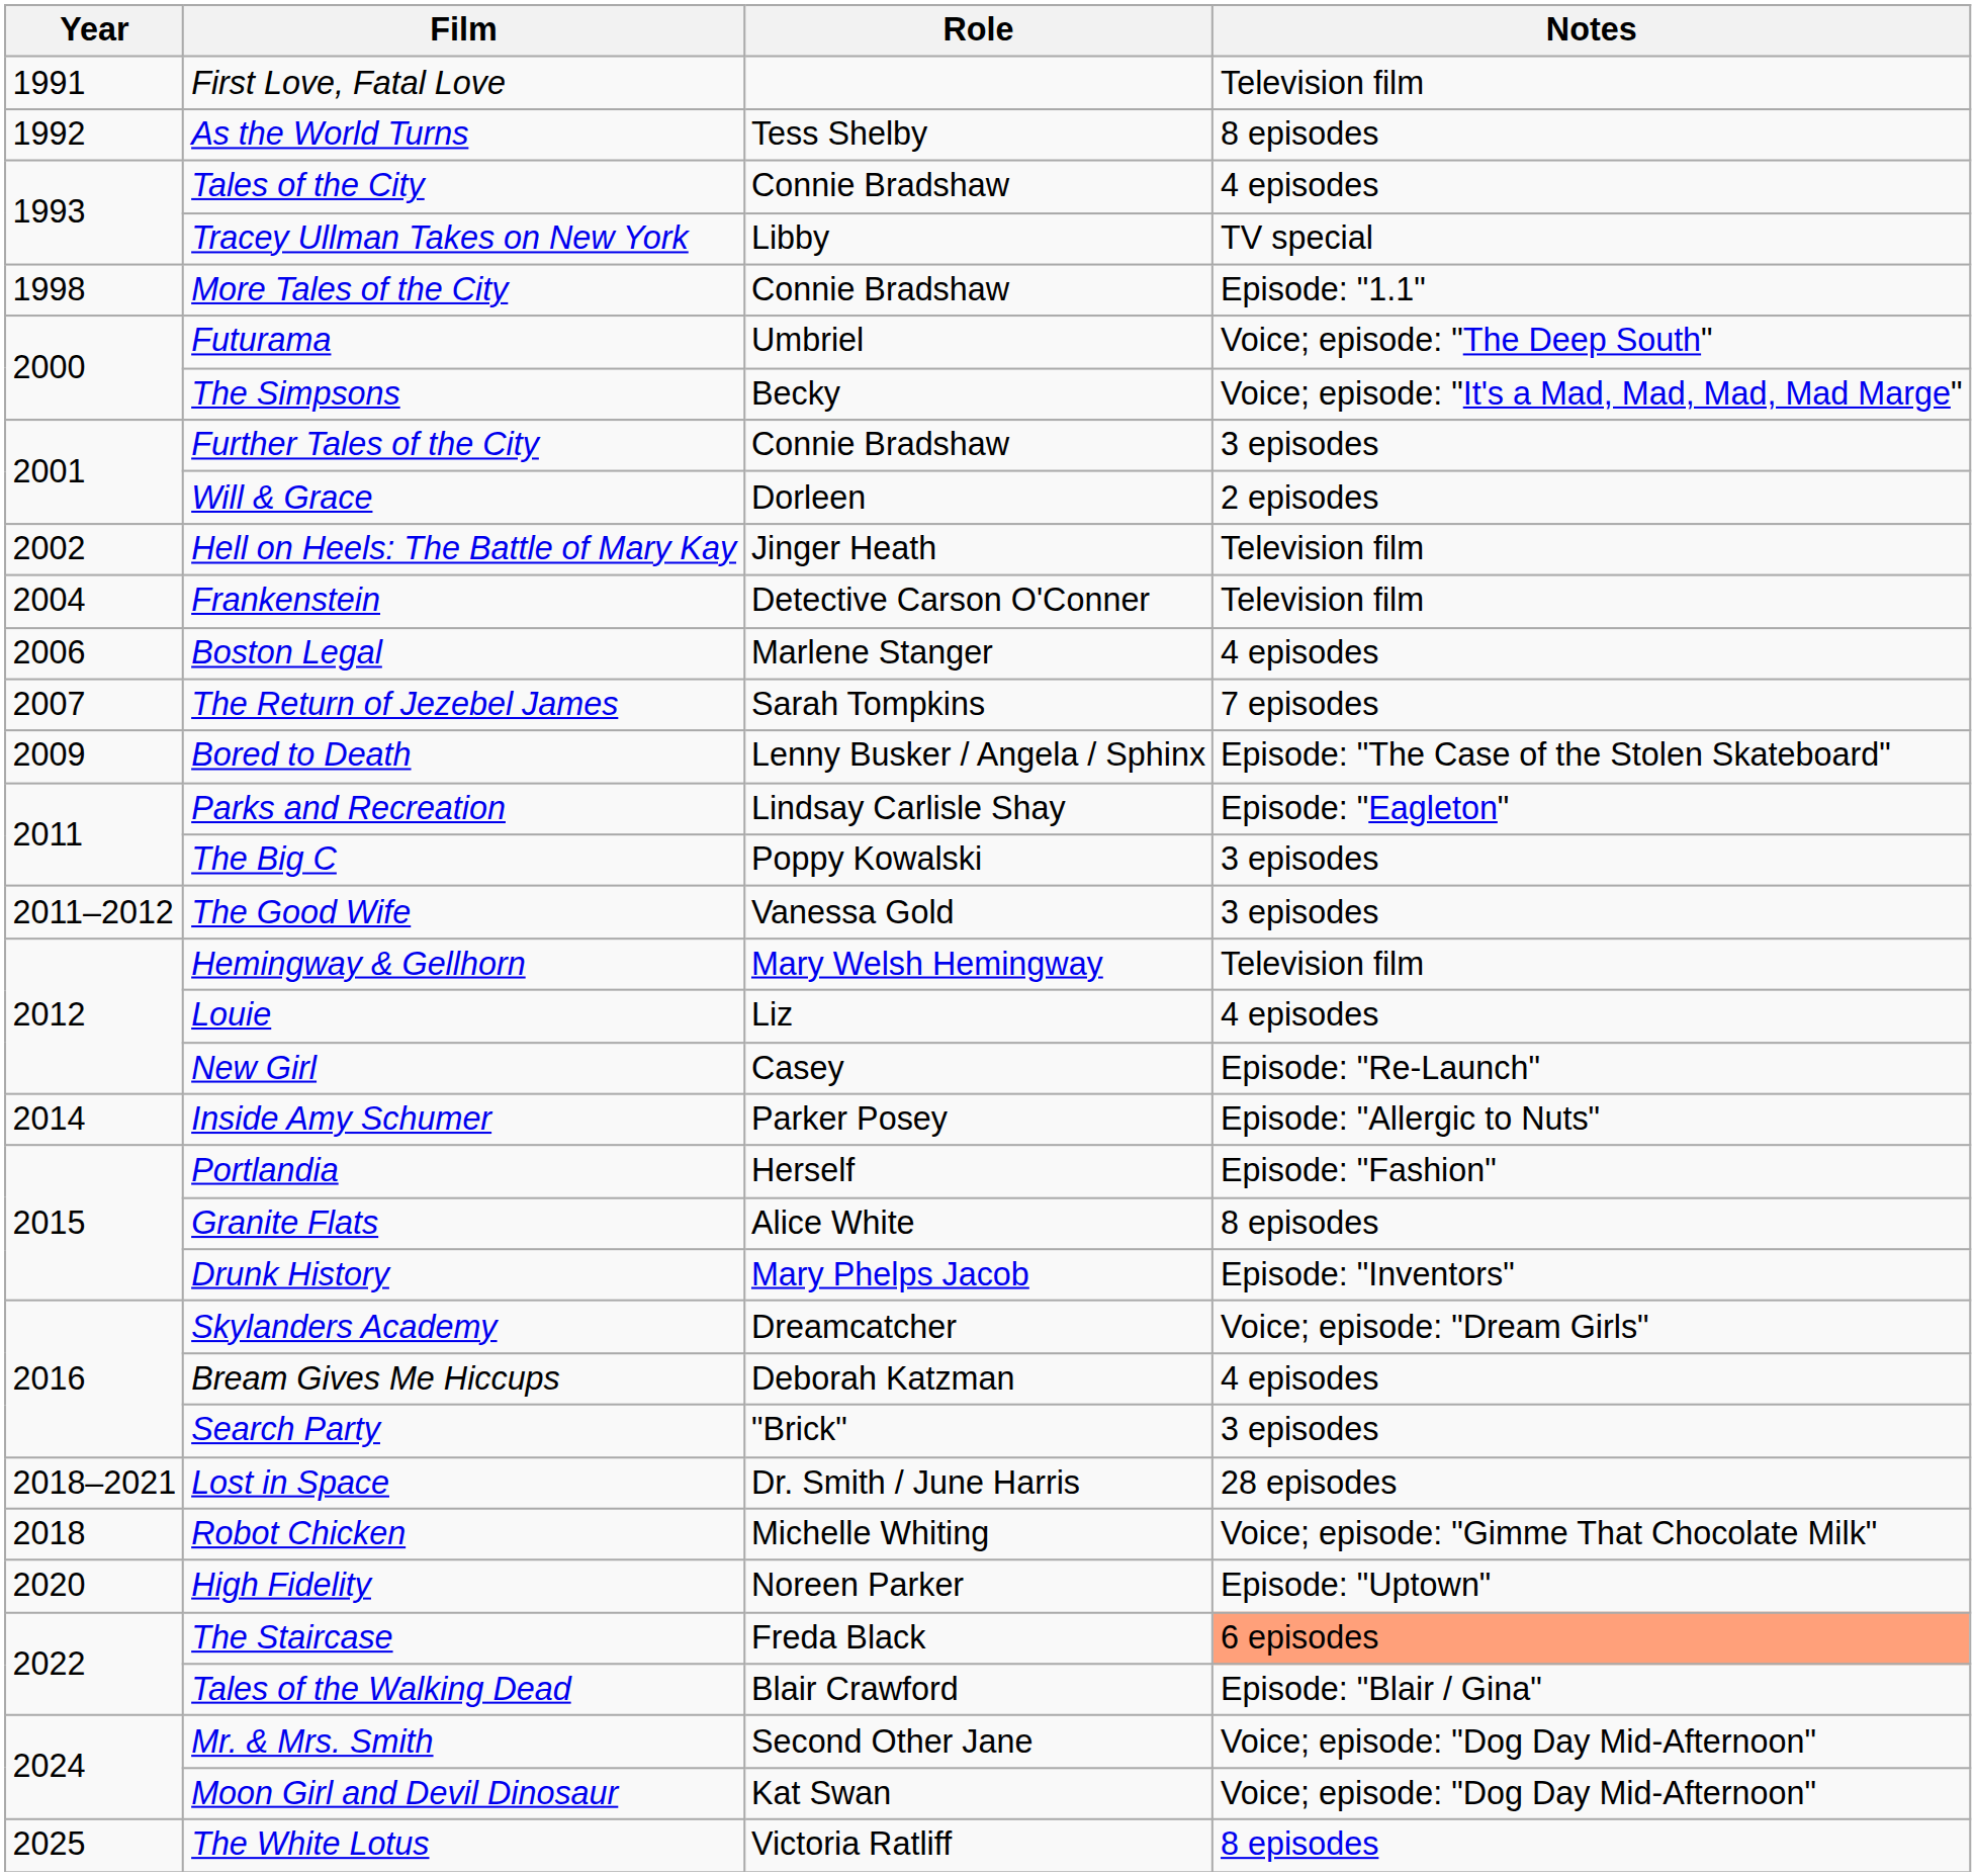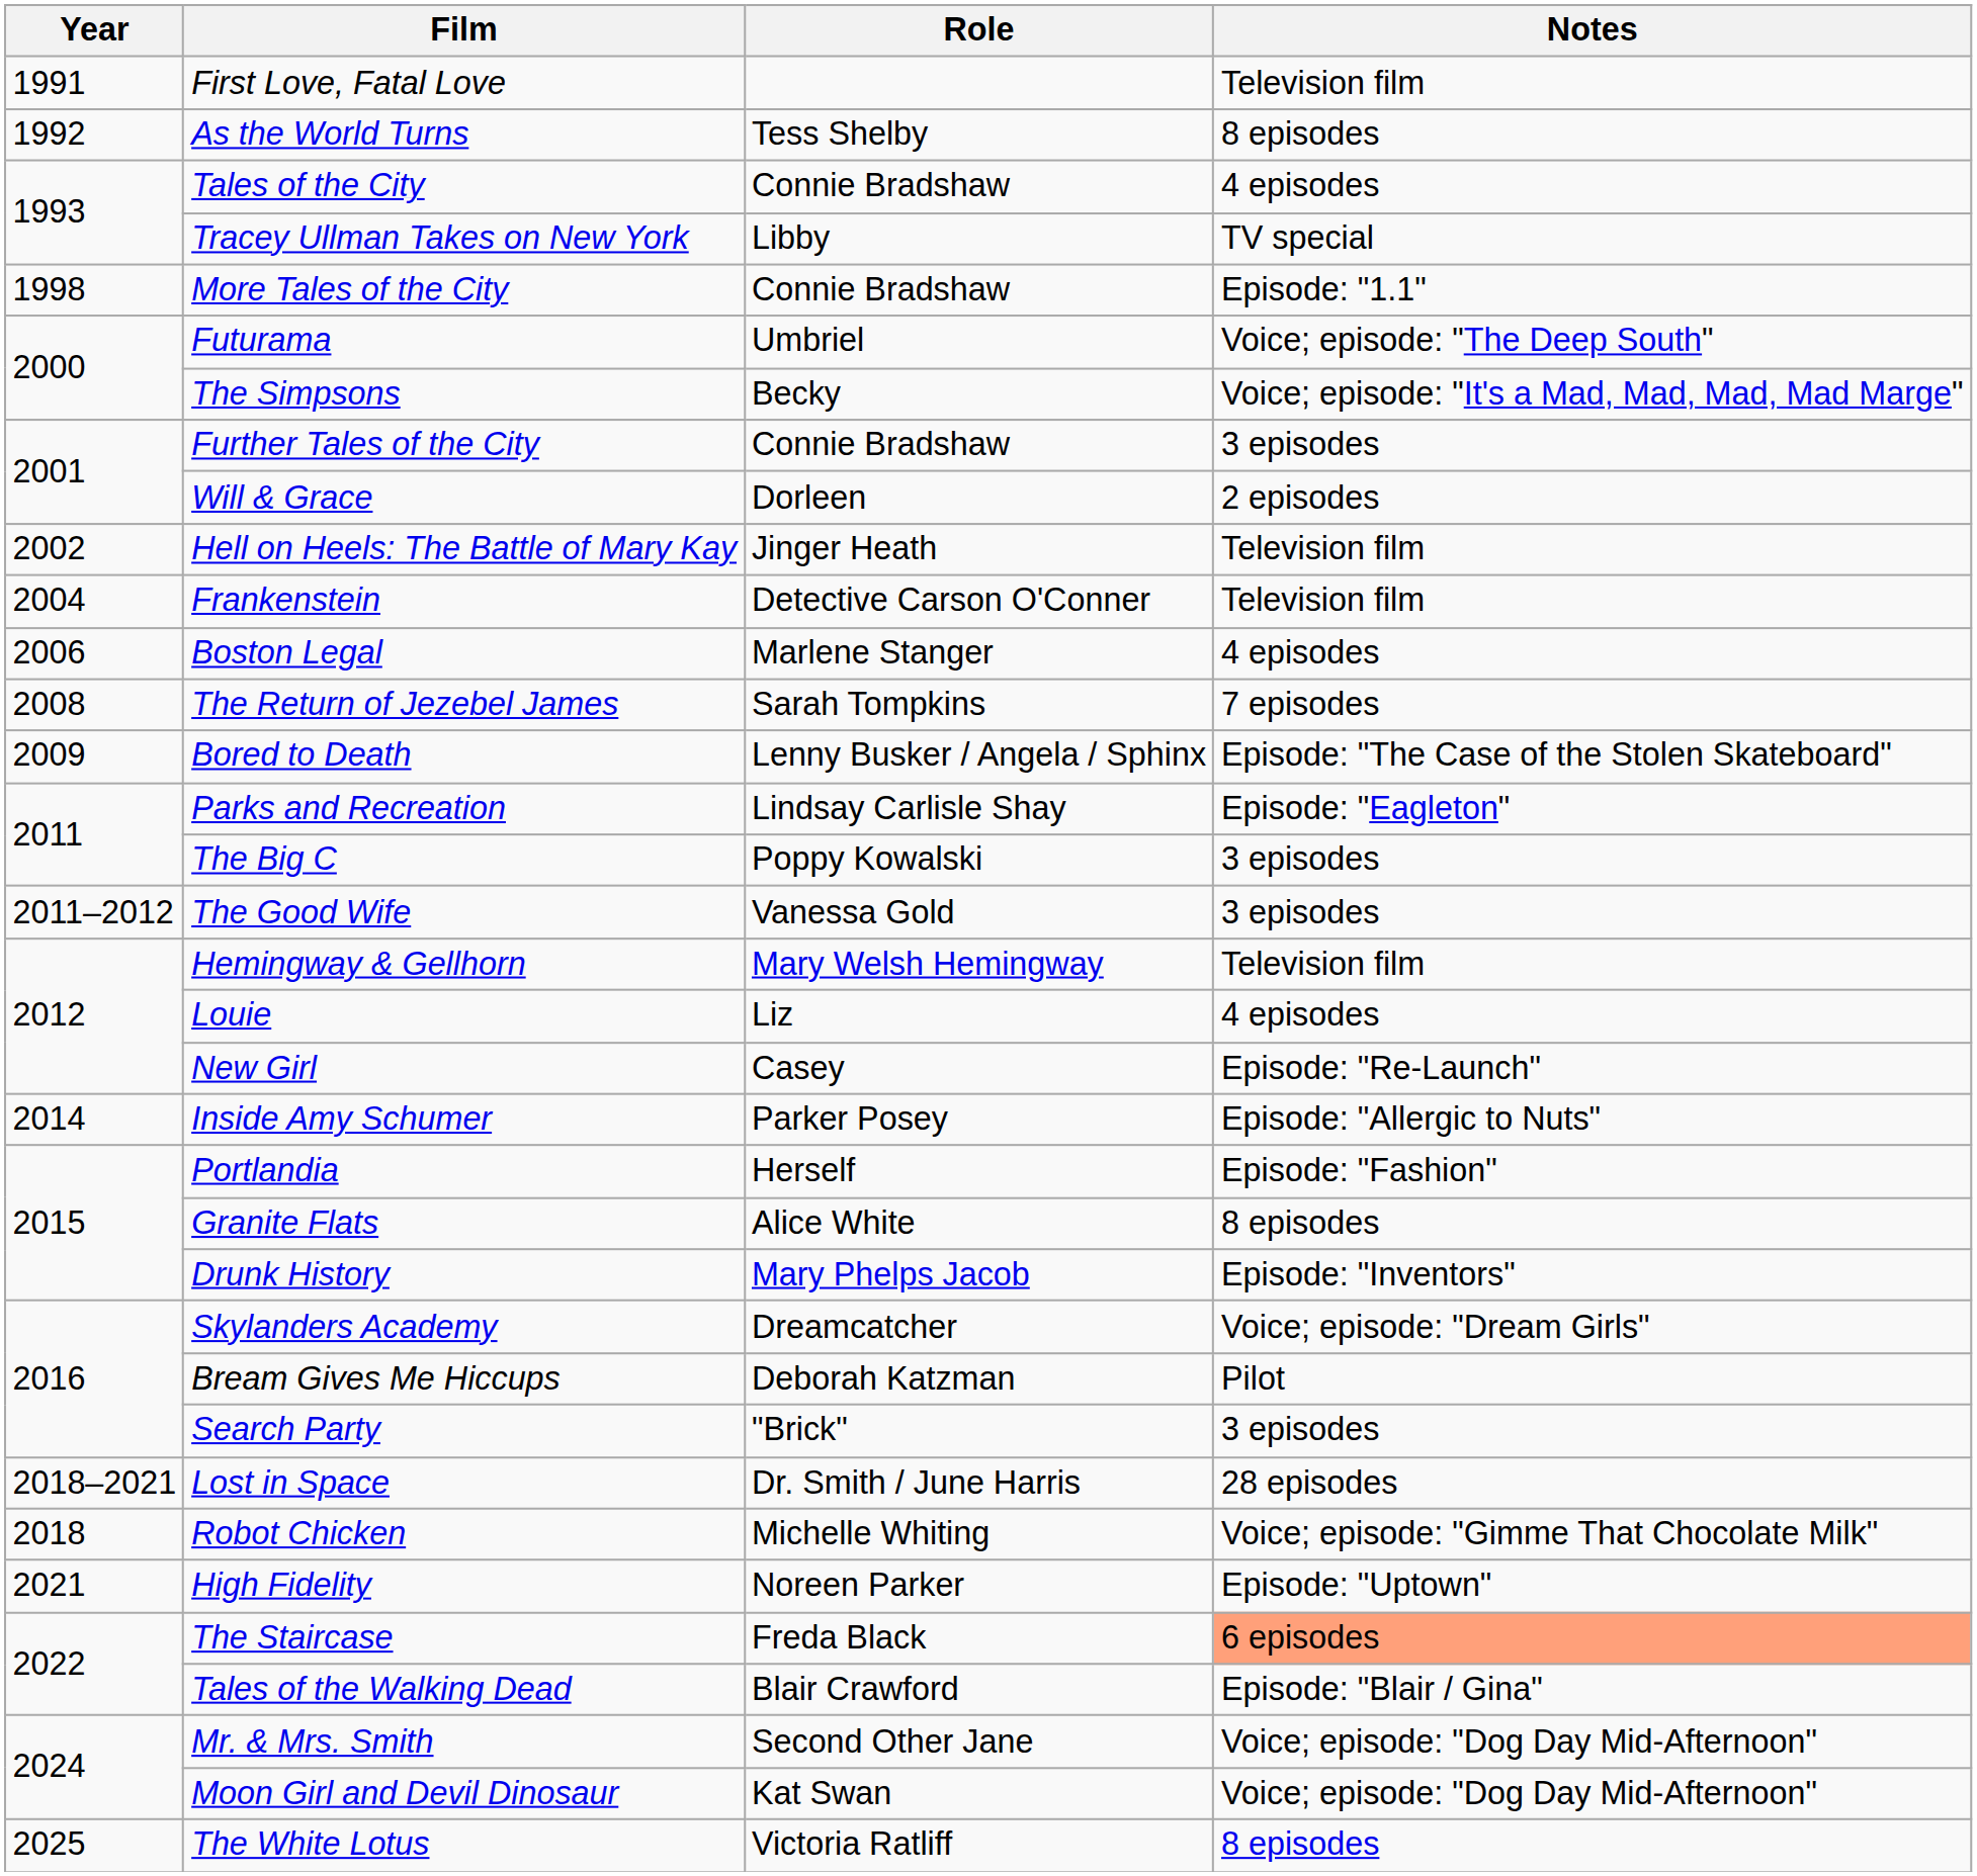 <table class="wikitable sortable">
 <tr>
 <th scope="col">Year</th>
 <th scope="col">Film</th>
 <th scope="col">Role</th>
 <th scope="col" class="unsortable">Notes</th>
 </tr>
 <tr>
 <td>1991</td>
 <td><em>First Love, Fatal Love</em></td>
 <td></td>
 <td>Television film</td>
 </tr>
 <tr>
 <td>1992</td>
 <td><em><a href='#'>As the World Turns</a></em></td>
 <td>Tess Shelby</td>
 <td>8 episodes</td>
 </tr>
 <tr>
 <td rowspan="2">1993</td>
 <td><em><a href='#'>Tales of the City</a></em></td>
 <td>Connie Bradshaw</td>
 <td>4 episodes</td>
 </tr>
 <tr>
 <td><em><a href='#'>Tracey Ullman Takes on New York</a></em></td>
 <td>Libby</td>
 <td>TV special</td>
 </tr>
 <tr>
 <td>1998</td>
 <td><em><a href='#'>More Tales of the City</a></em></td>
 <td>Connie Bradshaw</td>
 <td>Episode: "1.1"</td>
 </tr>
 <tr>
 <td rowspan="2">2000</td>
 <td><em><a href='#'>Futurama</a></em></td>
 <td>Umbriel</td>
 <td>Voice; episode: "<a href='#'>The Deep South</a>"</td>
 </tr>
 <tr>
 <td><em><a href='#'>The Simpsons</a></em></td>
 <td>Becky</td>
 <td>Voice; episode: "<a href='#'>It's a Mad, Mad, Mad, Mad Marge</a>"</td>
 </tr>
 <tr>
 <td rowspan="2">2001</td>
 <td><em><a href='#'>Further Tales of the City</a></em></td>
 <td>Connie Bradshaw</td>
 <td>3 episodes</td>
 </tr>
 <tr>
 <td><em><a href='#'>Will & Grace</a></em></td>
 <td>Dorleen</td>
 <td>2 episodes</td>
 </tr>
 <tr>
 <td>2002</td>
 <td><em><a href='#'>Hell on Heels: The Battle of Mary Kay</a></em></td>
 <td>Jinger Heath</td>
 <td>Television film</td>
 </tr>
 <tr>
 <td>2004</td>
 <td><em><a href='#'>Frankenstein</a></em></td>
 <td>Detective Carson O'Conner</td>
 <td>Television film</td>
 </tr>
 <tr>
 <td>2006</td>
 <td><em><a href='#'>Boston Legal</a></em></td>
 <td>Marlene Stanger</td>
 <td>4 episodes</td>
 </tr>
 <tr>
-<td>2007</td>
+<td>2008</td>
 <td><em><a href='#'>The Return of Jezebel James</a></em></td>
 <td>Sarah Tompkins</td>
 <td>7 episodes</td>
 </tr>
 <tr>
 <td>2009</td>
 <td><em><a href='#'>Bored to Death</a></em></td>
 <td>Lenny Busker / Angela / Sphinx</td>
 <td>Episode: "The Case of the Stolen Skateboard"</td>
 </tr>
 <tr>
 <td rowspan="2">2011</td>
 <td><em><a href='#'>Parks and Recreation</a></em></td>
 <td>Lindsay Carlisle Shay</td>
 <td>Episode: "<a href='#'>Eagleton</a>"</td>
 </tr>
 <tr>
 <td><em><a href='#'>The Big C</a></em></td>
 <td>Poppy Kowalski</td>
 <td>3 episodes</td>
 </tr>
 <tr>
 <td>2011–2012</td>
 <td><em><a href='#'>The Good Wife</a></em></td>
 <td>Vanessa Gold</td>
 <td>3 episodes</td>
 </tr>
 <tr>
 <td rowspan="3">2012</td>
 <td><em><a href='#'>Hemingway & Gellhorn</a></em></td>
 <td><a href='#'>Mary Welsh Hemingway</a></td>
 <td>Television film</td>
 </tr>
 <tr>
 <td><em><a href='#'>Louie</a></em></td>
 <td>Liz</td>
 <td>4 episodes</td>
 </tr>
 <tr>
 <td><em><a href='#'>New Girl</a></em></td>
 <td>Casey</td>
 <td>Episode: "Re-Launch"</td>
 </tr>
 <tr>
 <td>2014</td>
 <td><em><a href='#'>Inside Amy Schumer</a></em></td>
 <td>Parker Posey</td>
 <td>Episode: "Allergic to Nuts"</td>
 </tr>
 <tr>
 <td rowspan="3">2015</td>
 <td><em><a href='#'>Portlandia</a></em></td>
 <td>Herself</td>
 <td>Episode: "Fashion"</td>
 </tr>
 <tr>
 <td><em><a href='#'>Granite Flats</a></em></td>
 <td>Alice White</td>
 <td>8 episodes</td>
 </tr>
 <tr>
 <td><em><a href='#'>Drunk History</a></em></td>
 <td><a href='#'>Mary Phelps Jacob</a></td>
 <td>Episode: "Inventors"</td>
 </tr>
 <tr>
 <td rowspan="3">2016</td>
 <td><em><a href='#'>Skylanders Academy</a></em></td>
 <td>Dreamcatcher</td>
 <td>Voice; episode: "Dream Girls"</td>
 </tr>
 <tr>
 <td><em>Bream Gives Me Hiccups</em></td>
 <td>Deborah Katzman</td>
-<td>4 episodes</td>
+<td>Pilot</td>
 </tr>
 <tr>
 <td><em><a href='#'>Search Party</a></em></td>
 <td>"Brick"</td>
 <td>3 episodes</td>
 </tr>
 <tr>
 <td>2018–2021</td>
 <td><em><a href='#'>Lost in Space</a></em></td>
 <td>Dr. Smith / June Harris</td>
 <td>28 episodes</td>
 </tr>
 <tr>
 <td>2018</td>
 <td><em><a href='#'>Robot Chicken</a></em></td>
 <td>Michelle Whiting</td>
 <td>Voice; episode: "Gimme That Chocolate Milk"</td>
 </tr>
 <tr>
-<td>2020</td>
+<td>2021</td>
 <td><em><a href='#'>High Fidelity</a></em></td>
 <td>Noreen Parker</td>
 <td>Episode: "Uptown"</td>
 </tr>
 <tr>
 <td rowspan="2">2022</td>
 <td><em><a href='#'>The Staircase</a></em></td>
 <td>Freda Black</td>
 <td style="background: lightsalmon;">6 episodes</td>
 </tr>
 <tr>
 <td><em><a href='#'>Tales of the Walking Dead</a></em></td>
 <td>Blair Crawford</td>
 <td>Episode: "Blair / Gina"</td>
 </tr>
 <tr>
 <td rowspan="2">2024</td>
 <td><em><a href='#'>Mr. & Mrs. Smith</a></em></td>
 <td>Second Other Jane</td>
 <td>Voice; episode: "Dog Day Mid-Afternoon"</td>
 </tr>
 <tr>
 <td><em><a href='#'>Moon Girl and Devil Dinosaur</a></em></td>
 <td>Kat Swan</td>
 <td>Voice; episode: "Dog Day Mid-Afternoon"</td>
 </tr>
 <tr>
 <td>2025</td>
 <td><em><a href='#'>The White Lotus</a></em></td>
 <td>Victoria Ratliff</td>
 <td><a href='#'>8 episodes</a></td>
 </tr>
 </table>
